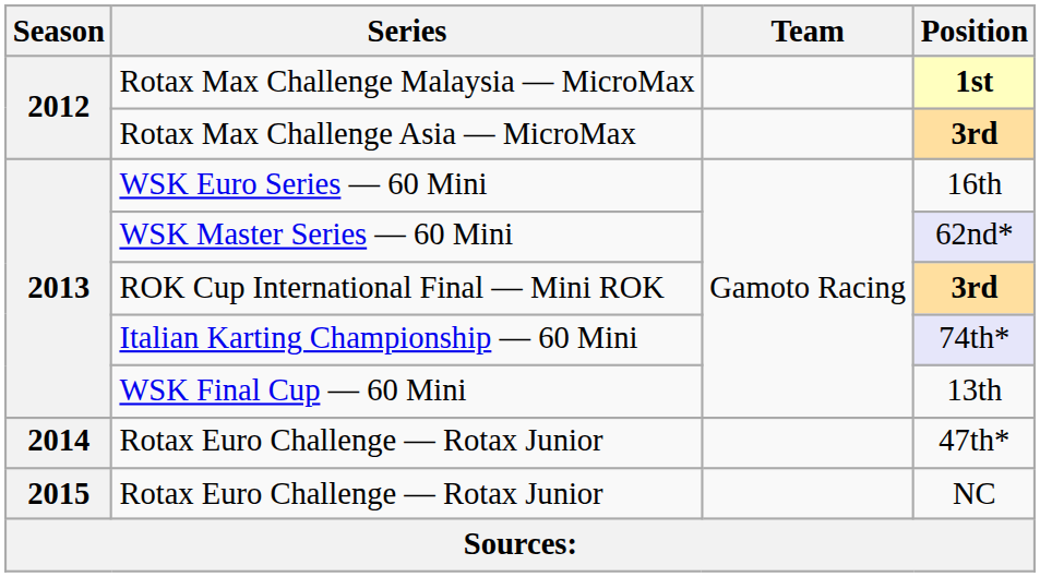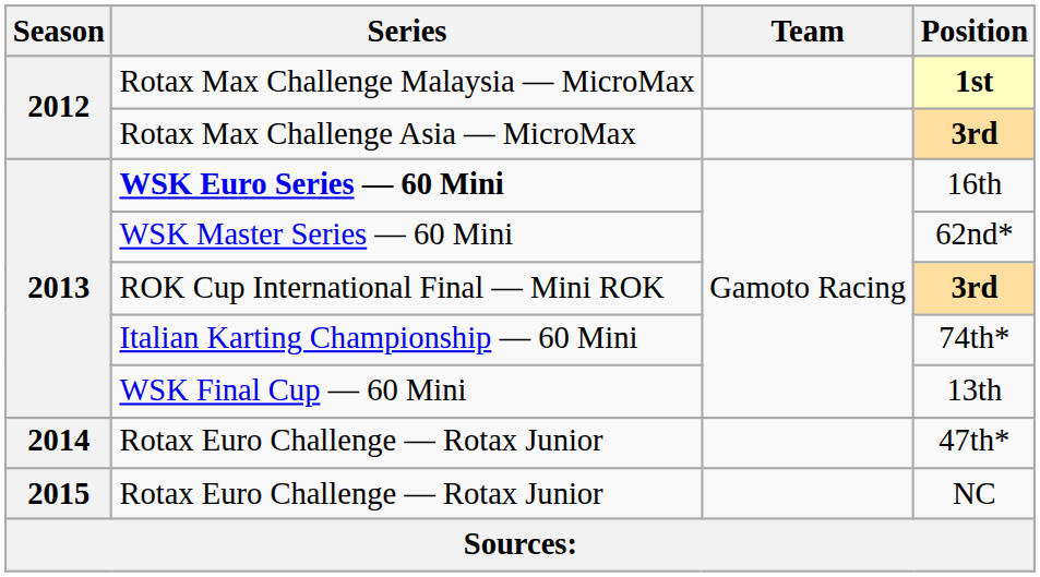 <table class="wikitable" style="font-size: 85%; text-align:center">
 <tr>
 <th>Season</th>
 <th>Series</th>
 <th>Team</th>
 <th>Position</th>
 </tr>
 <tr>
 <th rowspan="2">2012</th>
 <td align="left">Rotax Max Challenge Malaysia — MicroMax</td>
 <td></td>
 <td style="background:#FFFFBF;"><strong>1st</strong></td>
 </tr>
 <tr>
 <td align="left">Rotax Max Challenge Asia — MicroMax</td>
 <td align="left"></td>
 <td style="background:#FFDF9F;"><strong>3rd</strong></td>
 </tr>
 <tr>
 <th rowspan="5">2013</th>
-<td align="left"><a href='#'>WSK Euro Series</a> — 60 Mini</td>
+<td align="left"><strong><a href='#'>WSK Euro Series</a> — 60 Mini</strong></td>
 <td rowspan="5" align="left">Gamoto Racing</td>
 <td>16th</td>
 </tr>
 <tr>
 <td align="left"><a href='#'>WSK Master Series</a> — 60 Mini</td>
-<td style="background: lavender;">62nd*</td>
+<td>62nd*</td>
 </tr>
 <tr>
 <td align="left">ROK Cup International Final — Mini ROK</td>
 <td style="background:#FFDF9F;"><strong>3rd</strong></td>
 </tr>
 <tr>
 <td align="left"><a href='#'>Italian Karting Championship</a> — 60 Mini</td>
-<td style="background: lavender;">74th*</td>
+<td>74th*</td>
 </tr>
 <tr>
 <td align="left"><a href='#'>WSK Final Cup</a> — 60 Mini</td>
 <td>13th</td>
 </tr>
 <tr>
 <th>2014</th>
 <td align="left">Rotax Euro Challenge — Rotax Junior</td>
 <td></td>
 <td>47th*</td>
 </tr>
 <tr>
 <th>2015</th>
 <td align="left">Rotax Euro Challenge — Rotax Junior</td>
 <td></td>
 <td>NC</td>
 </tr>
 <tr>
 <th colspan="4">Sources:</th>
 </tr>
 </table>
